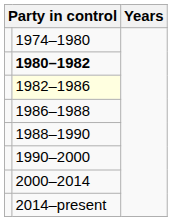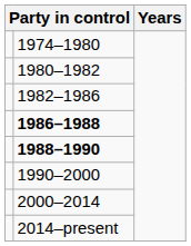 <table class="wikitable">
 <tr>
 <th colspan=2>Party in control</th>
 <th>Years</th>
 </tr>
 <tr>
 <td></td>
 <td>1974–1980</td>
 </tr>
 <tr>
 <td></td>
-<td><strong>1980–1982</strong></td>
+<td>1980–1982</td>
 </tr>
 <tr>
 <td></td>
-<td style="background: lightyellow;">1982–1986</td>
+<td>1982–1986</td>
 </tr>
 <tr>
 <td></td>
-<td>1986–1988</td>
+<td><strong>1986–1988</strong></td>
 </tr>
 <tr>
 <td></td>
-<td>1988–1990</td>
+<td><strong>1988–1990</strong></td>
 </tr>
 <tr>
 <td></td>
 <td>1990–2000</td>
 </tr>
 <tr>
 <td></td>
 <td>2000–2014</td>
 </tr>
 <tr>
 <td></td>
 <td>2014–present</td>
 </tr>
 </table>
